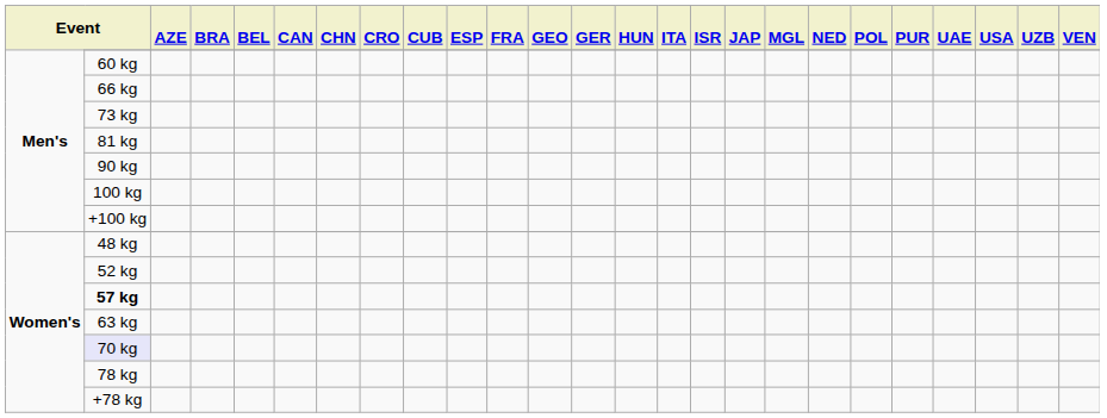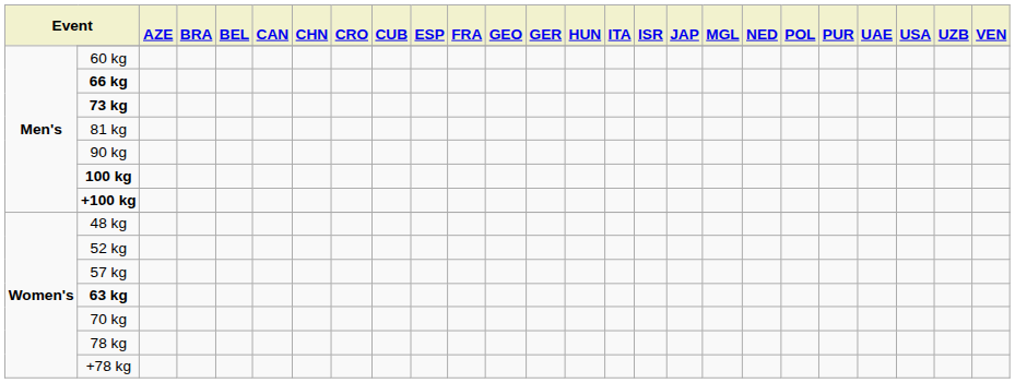 <table class="wikitable" style="margin-top:0em; text-align:center; font-size:89%;">
 <tr>
 <th colspan="2" style="background-color:#f2f2ce; width:15.0em;">Event</th>
 <th style="background-color:#f2f2ce; width:4.5em;"><br><a href='#'>AZE</a></th>
 <th style="background-color:#f2f2ce; width:4.5em;"><br><a href='#'>BRA</a></th>
 <th style="background-color:#f2f2ce; width:4.5em;"><br><a href='#'>BEL</a></th>
 <th style="background-color:#f2f2ce; width:4.5em;"><br><a href='#'>CAN</a></th>
 <th style="background-color:#f2f2ce; width:4.5em;"><br><a href='#'>CHN</a></th>
 <th style="background-color:#f2f2ce; width:4.5em;"><br><a href='#'>CRO</a></th>
 <th style="background-color:#f2f2ce; width:4.5em;"><br><a href='#'>CUB</a></th>
 <th style="background-color:#f2f2ce; width:4.5em;"><br><a href='#'>ESP</a></th>
 <th style="background-color:#f2f2ce; width:4.5em;"><br><a href='#'>FRA</a></th>
 <th style="background-color:#f2f2ce; width:4.5em;"><br><a href='#'>GEO</a></th>
 <th style="background-color:#f2f2ce; width:4.5em;"><br><a href='#'>GER</a></th>
 <th style="background-color:#f2f2ce; width:4.5em;"><br><a href='#'>HUN</a></th>
 <th style="background-color:#f2f2ce; width:4.5em;"><br><a href='#'>ITA</a></th>
 <th style="background-color:#f2f2ce; width:4.5em;"><br><a href='#'>ISR</a></th>
 <th style="background-color:#f2f2ce; width:4.5em;"><br><a href='#'>JAP</a></th>
 <th style="background-color:#f2f2ce; width:4.5em;"><br><a href='#'>MGL</a></th>
 <th style="background-color:#f2f2ce; width:4.5em;"><br><a href='#'>NED</a></th>
 <th style="background-color:#f2f2ce; width:4.5em;"><br><a href='#'>POL</a></th>
 <th style="background-color:#f2f2ce; width:4.5em;"><br><a href='#'>PUR</a></th>
 <th style="background-color:#f2f2ce; width:4.5em;"><br><a href='#'>UAE</a></th>
 <th style="background-color:#f2f2ce; width:4.5em;"><br><a href='#'>USA</a></th>
 <th style="background-color:#f2f2ce; width:4.5em;"><br><a href='#'>UZB</a></th>
 <th style="background-color:#f2f2ce; width:4.5em;"><br><a href='#'>VEN</a></th>
 </tr>
 <tr>
 <td rowspan="8"><strong>Men's</strong></td>
 </tr>
 <tr>
 <td>60 kg</td>
 <td></td>
 <td></td>
 <td></td>
 <td></td>
 <td></td>
 <td></td>
 <td></td>
 <td></td>
 <td></td>
 <td></td>
 <td></td>
 <td></td>
 <td></td>
 <td></td>
 <td></td>
 <td></td>
 <td></td>
 <td></td>
 <td></td>
 <td></td>
 <td></td>
 <td></td>
 <td></td>
 </tr>
 <tr>
-<td>66 kg</td>
+<td><strong>66 kg</strong></td>
 <td></td>
 <td></td>
 <td></td>
 <td></td>
 <td></td>
 <td></td>
 <td></td>
 <td></td>
 <td></td>
 <td></td>
 <td></td>
 <td></td>
 <td></td>
 <td></td>
 <td></td>
 <td></td>
 <td></td>
 <td></td>
 <td></td>
 <td></td>
 <td></td>
 <td></td>
 <td></td>
 </tr>
 <tr>
-<td>73 kg</td>
+<td><strong>73 kg</strong></td>
 <td></td>
 <td></td>
 <td></td>
 <td></td>
 <td></td>
 <td></td>
 <td></td>
 <td></td>
 <td></td>
 <td></td>
 <td></td>
 <td></td>
 <td></td>
 <td></td>
 <td></td>
 <td></td>
 <td></td>
 <td></td>
 <td></td>
 <td></td>
 <td></td>
 <td></td>
 <td></td>
 </tr>
 <tr>
 <td>81 kg</td>
 <td></td>
 <td></td>
 <td></td>
 <td></td>
 <td></td>
 <td></td>
 <td></td>
 <td></td>
 <td></td>
 <td></td>
 <td></td>
 <td></td>
 <td></td>
 <td></td>
 <td></td>
 <td></td>
 <td></td>
 <td></td>
 <td></td>
 <td></td>
 <td></td>
 <td></td>
 <td></td>
 </tr>
 <tr>
 <td>90 kg</td>
 <td></td>
 <td></td>
 <td></td>
 <td></td>
 <td></td>
 <td></td>
 <td></td>
 <td></td>
 <td></td>
 <td></td>
 <td></td>
 <td></td>
 <td></td>
 <td></td>
 <td></td>
 <td></td>
 <td></td>
 <td></td>
 <td></td>
 <td></td>
 <td></td>
 <td></td>
 <td></td>
 </tr>
 <tr>
-<td>100 kg</td>
+<td><strong>100 kg</strong></td>
 <td></td>
 <td></td>
 <td></td>
 <td></td>
 <td></td>
 <td></td>
 <td></td>
 <td></td>
 <td></td>
 <td></td>
 <td></td>
 <td></td>
 <td></td>
 <td></td>
 <td></td>
 <td></td>
 <td></td>
 <td></td>
 <td></td>
 <td></td>
 <td></td>
 <td></td>
 <td></td>
 </tr>
 <tr>
-<td>+100 kg</td>
+<td><strong>+100 kg</strong></td>
 <td></td>
 <td></td>
 <td></td>
 <td></td>
 <td></td>
 <td></td>
 <td></td>
 <td></td>
 <td></td>
 <td></td>
 <td></td>
 <td></td>
 <td></td>
 <td></td>
 <td></td>
 <td></td>
 <td></td>
 <td></td>
 <td></td>
 <td></td>
 <td></td>
 <td></td>
 <td></td>
 </tr>
 <tr>
 <td rowspan="8"><strong>Women's</strong></td>
 </tr>
 <tr>
 <td>48 kg</td>
 <td></td>
 <td></td>
 <td></td>
 <td></td>
 <td></td>
 <td></td>
 <td></td>
 <td></td>
 <td></td>
 <td></td>
 <td></td>
 <td></td>
 <td></td>
 <td></td>
 <td></td>
 <td></td>
 <td></td>
 <td></td>
 <td></td>
 <td></td>
 <td></td>
 <td></td>
 <td></td>
 </tr>
 <tr>
 <td>52 kg</td>
 <td></td>
 <td></td>
 <td></td>
 <td></td>
 <td></td>
 <td></td>
 <td></td>
 <td></td>
 <td></td>
 <td></td>
 <td></td>
 <td></td>
 <td></td>
 <td></td>
 <td></td>
 <td></td>
 <td></td>
 <td></td>
 <td></td>
 <td></td>
 <td></td>
 <td></td>
 <td></td>
 </tr>
 <tr>
-<td><strong>57 kg</strong></td>
+<td>57 kg</td>
 <td></td>
 <td></td>
 <td></td>
 <td></td>
 <td></td>
 <td></td>
 <td></td>
 <td></td>
 <td></td>
 <td></td>
 <td></td>
 <td></td>
 <td></td>
 <td></td>
 <td></td>
 <td></td>
 <td></td>
 <td></td>
 <td></td>
 <td></td>
 <td></td>
 <td></td>
 <td></td>
 </tr>
 <tr>
-<td>63 kg</td>
+<td><strong>63 kg</strong></td>
 <td></td>
 <td></td>
 <td></td>
 <td></td>
 <td></td>
 <td></td>
 <td></td>
 <td></td>
 <td></td>
 <td></td>
 <td></td>
 <td></td>
 <td></td>
 <td></td>
 <td></td>
 <td></td>
 <td></td>
 <td></td>
 <td></td>
 <td></td>
 <td></td>
 <td></td>
 <td></td>
 </tr>
 <tr>
-<td style="background: lavender;">70 kg</td>
+<td>70 kg</td>
 <td></td>
 <td></td>
 <td></td>
 <td></td>
 <td></td>
 <td></td>
 <td></td>
 <td></td>
 <td></td>
 <td></td>
 <td></td>
 <td></td>
 <td></td>
 <td></td>
 <td></td>
 <td></td>
 <td></td>
 <td></td>
 <td></td>
 <td></td>
 <td></td>
 <td></td>
 <td></td>
 </tr>
 <tr>
 <td>78 kg</td>
 <td></td>
 <td></td>
 <td></td>
 <td></td>
 <td></td>
 <td></td>
 <td></td>
 <td></td>
 <td></td>
 <td></td>
 <td></td>
 <td></td>
 <td></td>
 <td></td>
 <td></td>
 <td></td>
 <td></td>
 <td></td>
 <td></td>
 <td></td>
 <td></td>
 <td></td>
 <td></td>
 </tr>
 <tr>
 <td>+78 kg</td>
 <td></td>
 <td></td>
 <td></td>
 <td></td>
 <td></td>
 <td></td>
 <td></td>
 <td></td>
 <td></td>
 <td></td>
 <td></td>
 <td></td>
 <td></td>
 <td></td>
 <td></td>
 <td></td>
 <td></td>
 <td></td>
 <td></td>
 <td></td>
 <td></td>
 <td></td>
 <td></td>
 </tr>
 </table>
